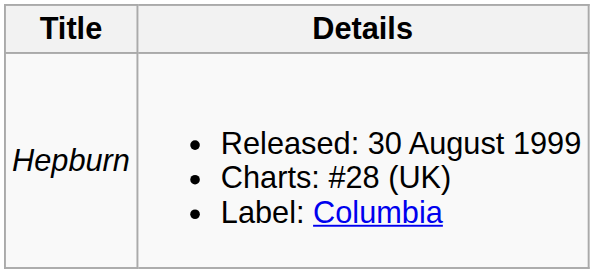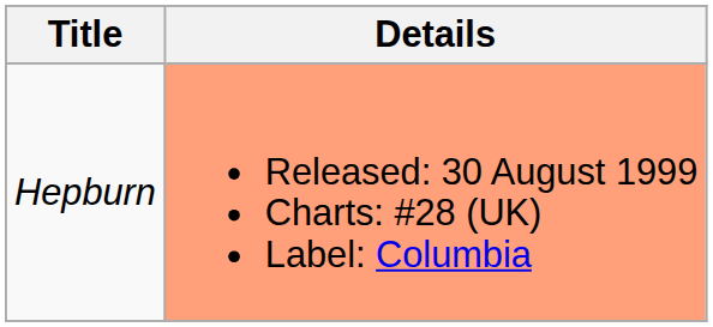 <table class="wikitable">
 <tr>
 <th>Title</th>
 <th>Details</th>
 </tr>
 <tr>
 <td><em>Hepburn</em></td>
-<td><br><ul><li>Released: 30 August 1999</li><li>Charts: #28 (UK)</li><li>Label: <a href='#'>Columbia</a></li></ul></td>
+<td style="background: lightsalmon;"><br><ul><li>Released: 30 August 1999</li><li>Charts: #28 (UK)</li><li>Label: <a href='#'>Columbia</a></li></ul></td>
 </tr>
 </table>
